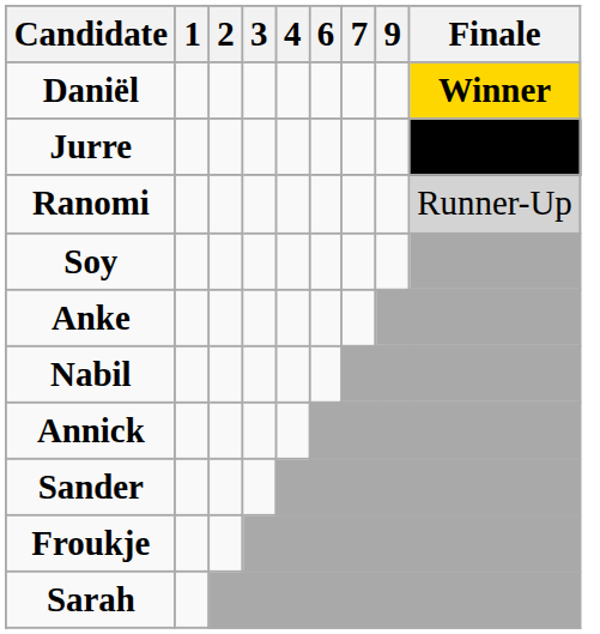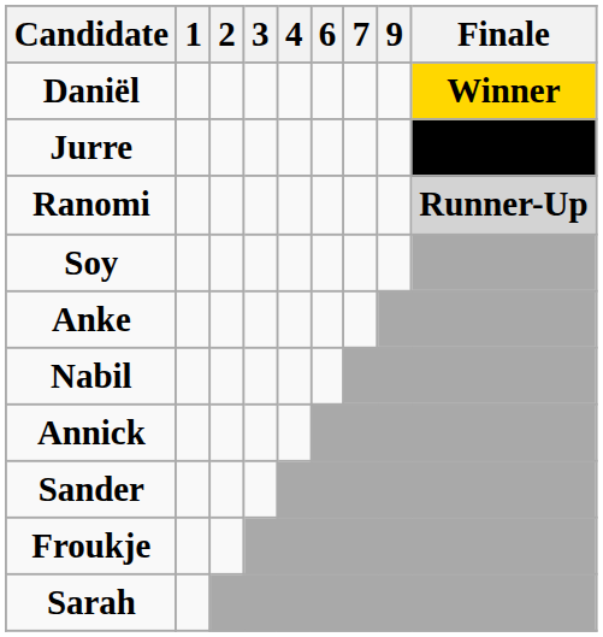 <table class="wikitable" border="2" class="wikitable" style="text-align:center;font-size:96%">
 <tr>
 <th>Candidate</th>
 <th>1</th>
 <th>2</th>
 <th>3</th>
 <th>4</th>
 <th>6</th>
 <th>7</th>
 <th>9</th>
 <th>Finale</th>
 </tr>
 <tr>
 <td><strong>Daniël</strong></td>
 <td></td>
 <td></td>
 <td></td>
 <td></td>
 <td></td>
 <td></td>
 <td></td>
 <td bgcolor="gold"><strong>Winner</strong></td>
 </tr>
 <tr>
 <td><strong>Jurre</strong></td>
 <td></td>
 <td></td>
 <td></td>
 <td></td>
 <td></td>
 <td></td>
 <td></td>
 <td bgcolor=black></td>
 </tr>
 <tr>
 <td><strong>Ranomi</strong></td>
 <td></td>
 <td></td>
 <td></td>
 <td></td>
 <td></td>
 <td></td>
 <td></td>
-<td bgcolor="lightgrey">Runner-Up</td>
+<td bgcolor="lightgrey"><strong>Runner-Up</strong></td>
 </tr>
 <tr>
 <td><strong>Soy</strong></td>
 <td></td>
 <td></td>
 <td></td>
 <td></td>
 <td></td>
 <td></td>
 <td></td>
 <td colspan=4 bgcolor="darkgray"></td>
 </tr>
 <tr>
 <td><strong>Anke</strong></td>
 <td></td>
 <td></td>
 <td></td>
 <td></td>
 <td></td>
 <td></td>
 <td colspan=4 bgcolor="darkgray"></td>
 </tr>
 <tr>
 <td><strong>Nabil</strong></td>
 <td></td>
 <td></td>
 <td></td>
 <td></td>
 <td></td>
 <td colspan=5 bgcolor="darkgray"></td>
 </tr>
 <tr>
 <td><strong>Annick</strong></td>
 <td></td>
 <td></td>
 <td></td>
 <td></td>
 <td colspan=6 bgcolor="darkgray"></td>
 </tr>
 <tr>
 <td><strong>Sander</strong></td>
 <td></td>
 <td></td>
 <td></td>
 <td colspan=7 bgcolor="darkgray"></td>
 </tr>
 <tr>
 <td><strong>Froukje</strong></td>
 <td></td>
 <td></td>
 <td colspan=8 bgcolor="darkgray"></td>
 </tr>
 <tr>
 <td><strong>Sarah</strong></td>
 <td></td>
 <td colspan=9 bgcolor="darkgray"></td>
 </tr>
 </table>
